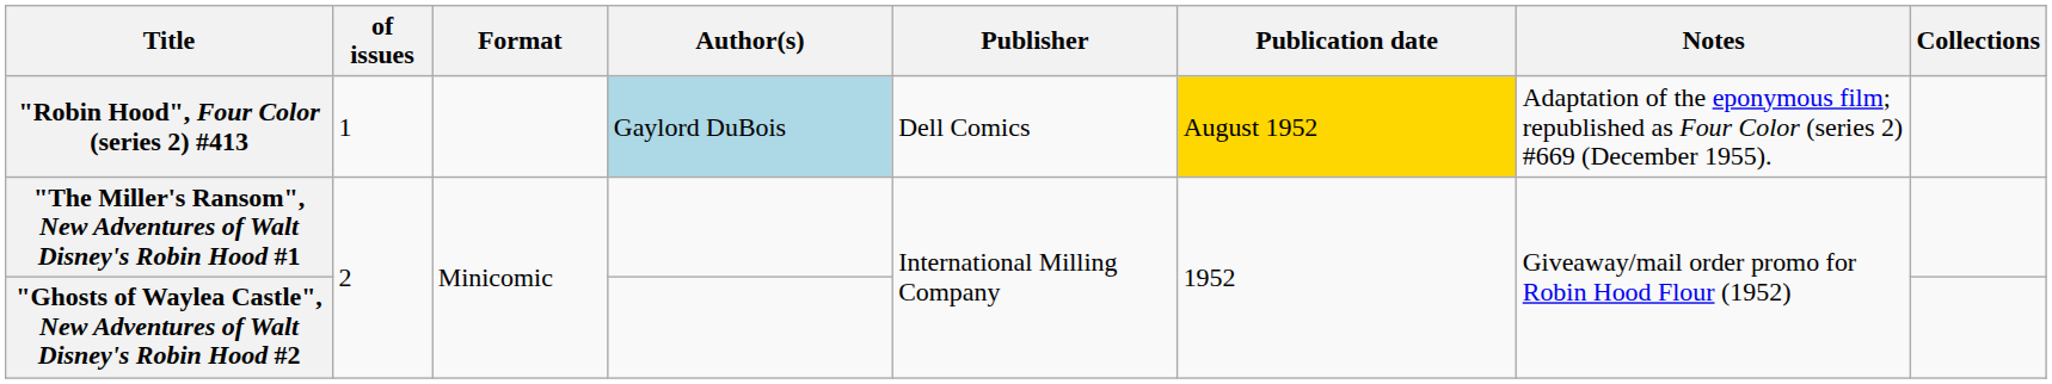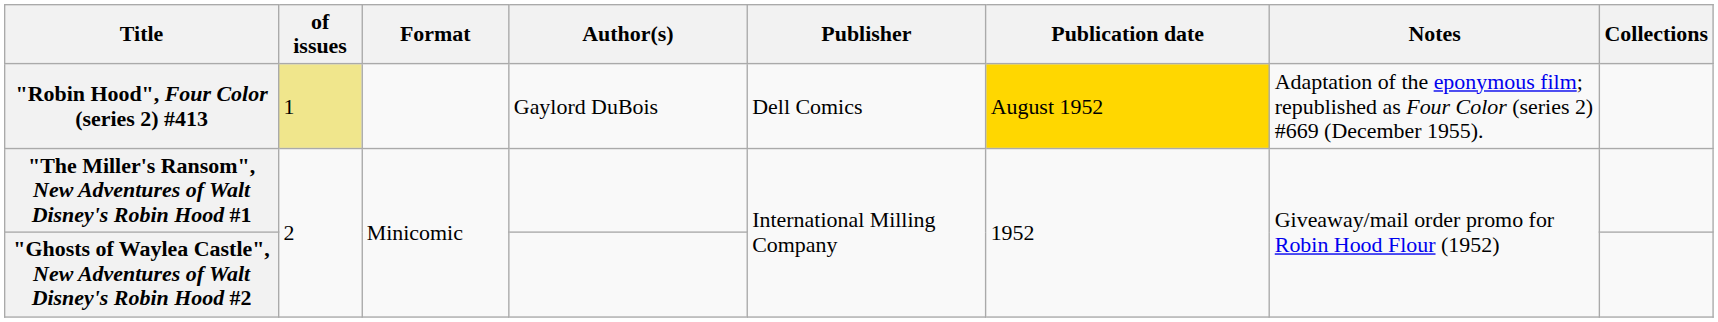 <table class="wikitable">
 <tr>
 <th>Title</th>
 <th style="width:40pt"> of issues</th>
 <th style="width:75pt">Format</th>
 <th style="width:125pt">Author(s)</th>
 <th style="width:125pt">Publisher</th>
 <th style="width:150pt">Publication date</th>
 <th style="width:175pt">Notes</th>
 <th>Collections</th>
 </tr>
 <tr>
 <th>"Robin Hood", <em>Four Color</em> (series 2) #413</th>
-<td>1</td>
+<td style="background: khaki;">1</td>
 <td></td>
-<td style="background: lightblue;">Gaylord DuBois</td>
+<td>Gaylord DuBois</td>
 <td>Dell Comics</td>
 <td style="background: gold;">August 1952</td>
 <td>Adaptation of the <a href='#'>eponymous film</a>; republished as <em>Four Color</em> (series 2) #669 (December 1955).</td>
 <td></td>
 </tr>
 <tr>
 <th>"The Miller's Ransom", <em>New Adventures of Walt Disney's Robin Hood</em> #1</th>
 <td rowspan="2">2</td>
 <td rowspan="2">Minicomic</td>
 <td></td>
 <td rowspan="2">International Milling Company</td>
 <td rowspan="2">1952</td>
 <td rowspan="2">Giveaway/mail order promo for <a href='#'>Robin Hood Flour</a> (1952)</td>
 <td></td>
 </tr>
 <tr>
 <th>"Ghosts of Waylea Castle", <em>New Adventures of Walt Disney's Robin Hood</em> #2</th>
 <td></td>
 <td></td>
 </tr>
 </table>
